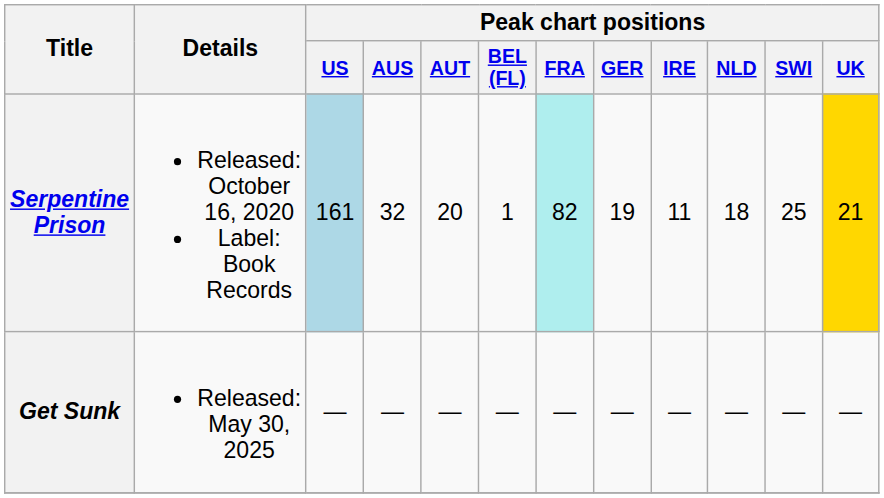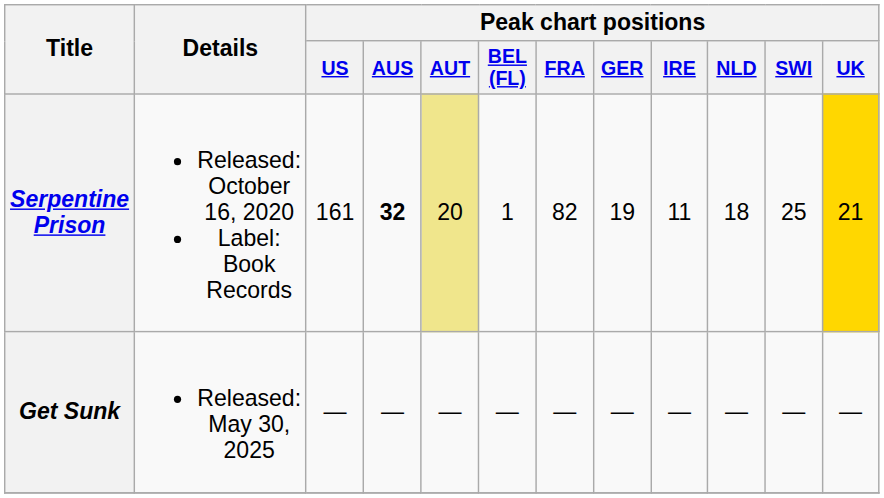 <table class="wikitable plainrowheaders" style="text-align:center;">
 <tr>
 <th scope="col" rowspan="2">Title</th>
 <th scope="col" rowspan="2">Details</th>
 <th scope="col" colspan="10">Peak chart positions</th>
 </tr>
 <tr>
 <th scope="col" style="width:2.5em;font-size:85%;"><a href='#'>US</a><br></th>
 <th scope="col" style="width:2.5em;font-size:85%;"><a href='#'>AUS</a><br></th>
 <th scope="col" style="width:2.5em;font-size:85%;"><a href='#'>AUT</a><br></th>
 <th scope="col" style="width:2.5em;font-size:85%;"><a href='#'>BEL<br>(FL)</a><br></th>
 <th scope="col" style="width:2.5em;font-size:85%;"><a href='#'>FRA</a><br></th>
 <th scope="col" style="width:2.5em;font-size:85%;"><a href='#'>GER</a><br></th>
 <th scope="col" style="width:2.5em;font-size:85%;"><a href='#'>IRE</a><br></th>
 <th scope="col" style="width:2.5em;font-size:85%;"><a href='#'>NLD</a><br></th>
 <th scope="col" style="width:2.5em;font-size:85%;"><a href='#'>SWI</a><br></th>
 <th scope="col" style="width:2.5em;font-size:85%;"><a href='#'>UK</a><br></th>
 </tr>
 <tr>
 <th scope="row"><em><a href='#'>Serpentine Prison</a></em></th>
 <td><br><ul><li>Released: October 16, 2020</li><li>Label: Book Records</li></ul></td>
-<td style="background: lightblue;">161</td>
-<td>32</td>
-<td>20</td>
+<td>161</td>
+<td><strong>32</strong></td>
+<td style="background: khaki;">20</td>
 <td>1</td>
-<td style="background: paleturquoise;">82</td>
+<td>82</td>
 <td>19</td>
 <td>11</td>
 <td>18</td>
 <td>25</td>
 <td style="background: gold;">21</td>
 </tr>
 <tr>
 <th scope="row"><em>Get Sunk</em></th>
 <td><br><ul><li>Released: May 30, 2025</li></ul></td>
 <td>—</td>
 <td>—</td>
 <td>—</td>
 <td>—</td>
 <td>—</td>
 <td>—</td>
 <td>—</td>
 <td>—</td>
 <td>—</td>
 <td>—</td>
 </tr>
 <tr>
 </tr>
 </table>
